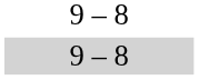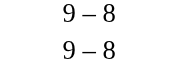 <table style="text-align:center">
 <tr>
 <th width=200></th>
 <th width=100></th>
 <th width=200></th>
 </tr>
 <tr>
 <td align=right><strong></strong></td>
 <td>9 – 8</td>
 <td align=left></td>
 </tr>
 <tr>
 <td align=right><strong></strong></td>
-<td style="background: lightgrey;">9 – 8</td>
+<td>9 – 8</td>
 <td align=left></td>
 </tr>
 </table>
